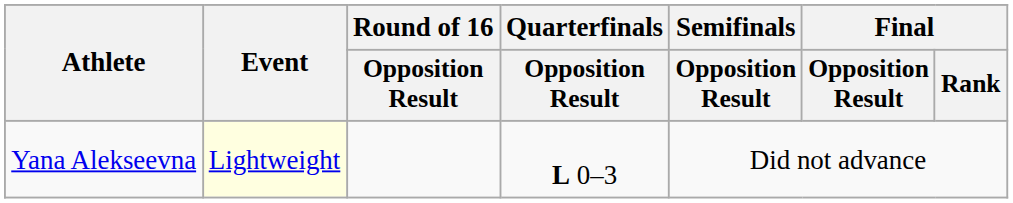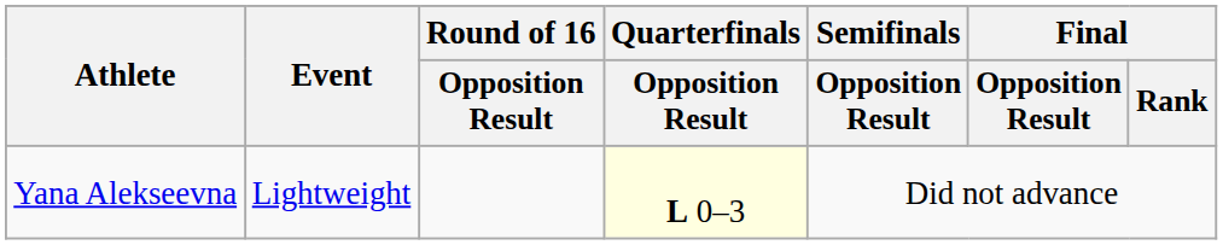 <table class="wikitable" style="font-size:90%">
 <tr>
 <th rowspan="2">Athlete</th>
 <th rowspan="2">Event</th>
 <th>Round of 16</th>
 <th>Quarterfinals</th>
 <th>Semifinals</th>
 <th colspan=2>Final</th>
 </tr>
 <tr style="font-size:95%">
 <th>Opposition<br>Result</th>
 <th>Opposition<br>Result</th>
 <th>Opposition<br>Result</th>
 <th>Opposition<br>Result</th>
 <th>Rank</th>
 </tr>
 <tr align=center>
 <td align=left><a href='#'>Yana Alekseevna</a></td>
-<td align=left style="background: lightyellow;"><a href='#'>Lightweight</a></td>
+<td align=left><a href='#'>Lightweight</a></td>
 <td></td>
-<td><br><strong>L</strong> 0–3</td>
+<td style="background: lightyellow;"><br><strong>L</strong> 0–3</td>
 <td colspan=3>Did not advance</td>
 </tr>
 </table>
